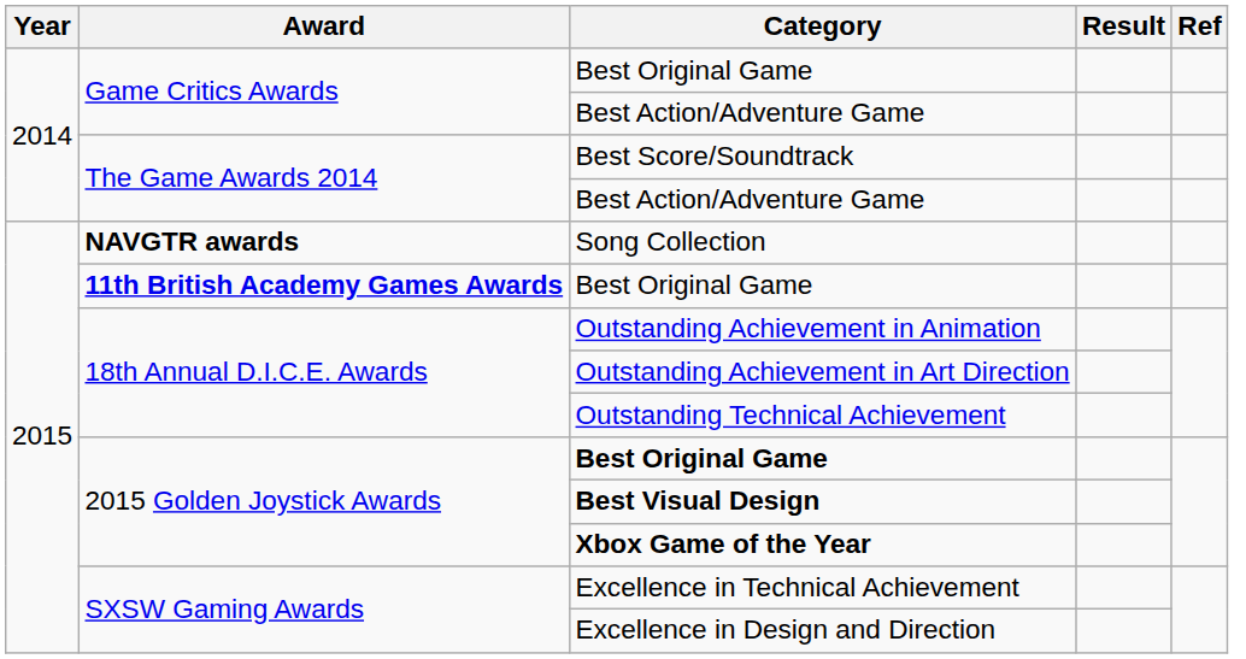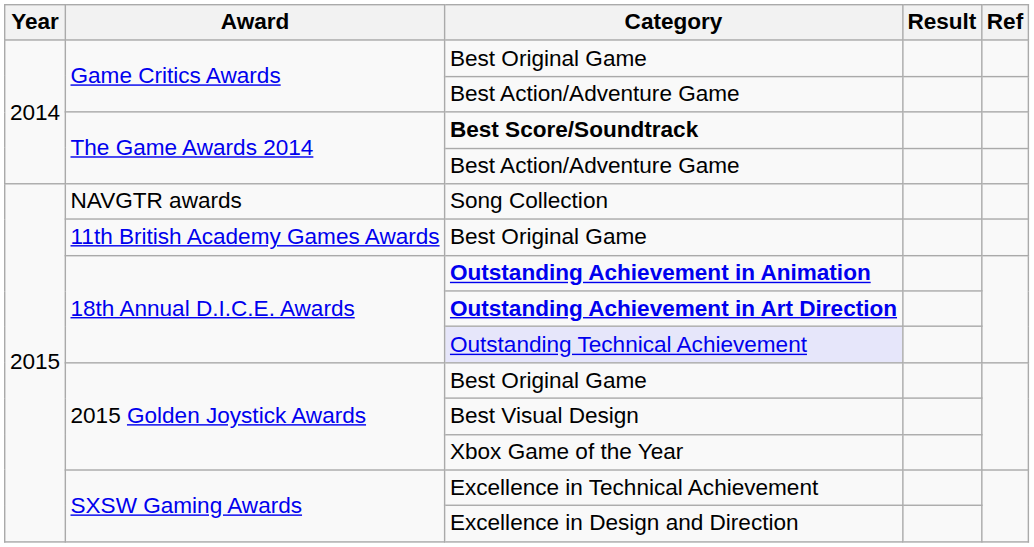 <table class="wikitable sortable">
 <tr>
 <th>Year</th>
 <th>Award</th>
 <th>Category</th>
 <th>Result</th>
 <th>Ref</th>
 </tr>
 <tr>
 <td rowspan="4">2014</td>
 <td rowspan="2"><a href='#'>Game Critics Awards</a></td>
 <td>Best Original Game</td>
 <td></td>
 <td align="Center"></td>
 </tr>
 <tr>
 <td>Best Action/Adventure Game</td>
 <td></td>
 <td align="Center"></td>
 </tr>
 <tr>
 <td rowspan="2"><a href='#'>The Game Awards 2014</a></td>
-<td>Best Score/Soundtrack</td>
+<td><strong>Best Score/Soundtrack</strong></td>
 <td></td>
 <td rowspan="1" style="text-align:center;"></td>
 </tr>
 <tr>
 <td>Best Action/Adventure Game</td>
 <td></td>
 <td align="center"></td>
 </tr>
 <tr>
 <td rowspan="10" style="text-align:center;">2015</td>
-<td><strong>NAVGTR awards</strong></td>
+<td>NAVGTR awards</td>
 <td>Song Collection</td>
 <td></td>
 <td style="text-align:center;"></td>
 </tr>
 <tr>
-<td><strong><a href='#'>11th British Academy Games Awards</a></strong></td>
+<td><a href='#'>11th British Academy Games Awards</a></td>
 <td>Best Original Game</td>
 <td></td>
 <td align="center"></td>
 </tr>
 <tr>
 <td rowspan="3"><a href='#'>18th Annual D.I.C.E. Awards</a></td>
-<td><a href='#'>Outstanding Achievement in Animation</a></td>
+<td><strong><a href='#'>Outstanding Achievement in Animation</a></strong></td>
 <td></td>
 <td rowspan="3" style="text-align:center;"></td>
 </tr>
 <tr>
-<td><a href='#'>Outstanding Achievement in Art Direction</a></td>
+<td><strong><a href='#'>Outstanding Achievement in Art Direction</a></strong></td>
 <td></td>
 </tr>
 <tr>
-<td><a href='#'>Outstanding Technical Achievement</a></td>
+<td style="background: lavender;"><a href='#'>Outstanding Technical Achievement</a></td>
 <td></td>
 </tr>
 <tr>
 <td rowspan="3">2015 <a href='#'>Golden Joystick Awards</a></td>
-<td><strong>Best Original Game</strong></td>
+<td>Best Original Game</td>
 <td></td>
 <td rowspan="3" style="text-align:center;"></td>
 </tr>
 <tr>
-<td><strong>Best Visual Design</strong></td>
+<td>Best Visual Design</td>
 <td></td>
 </tr>
 <tr>
-<td><strong>Xbox Game of the Year</strong></td>
+<td>Xbox Game of the Year</td>
 <td></td>
 </tr>
 <tr>
 <td rowspan="2"><a href='#'>SXSW Gaming Awards</a></td>
 <td>Excellence in Technical Achievement</td>
 <td></td>
 <td rowspan="2" style="text-align:center;"></td>
 </tr>
 <tr>
 <td>Excellence in Design and Direction</td>
 <td></td>
 </tr>
 </table>
